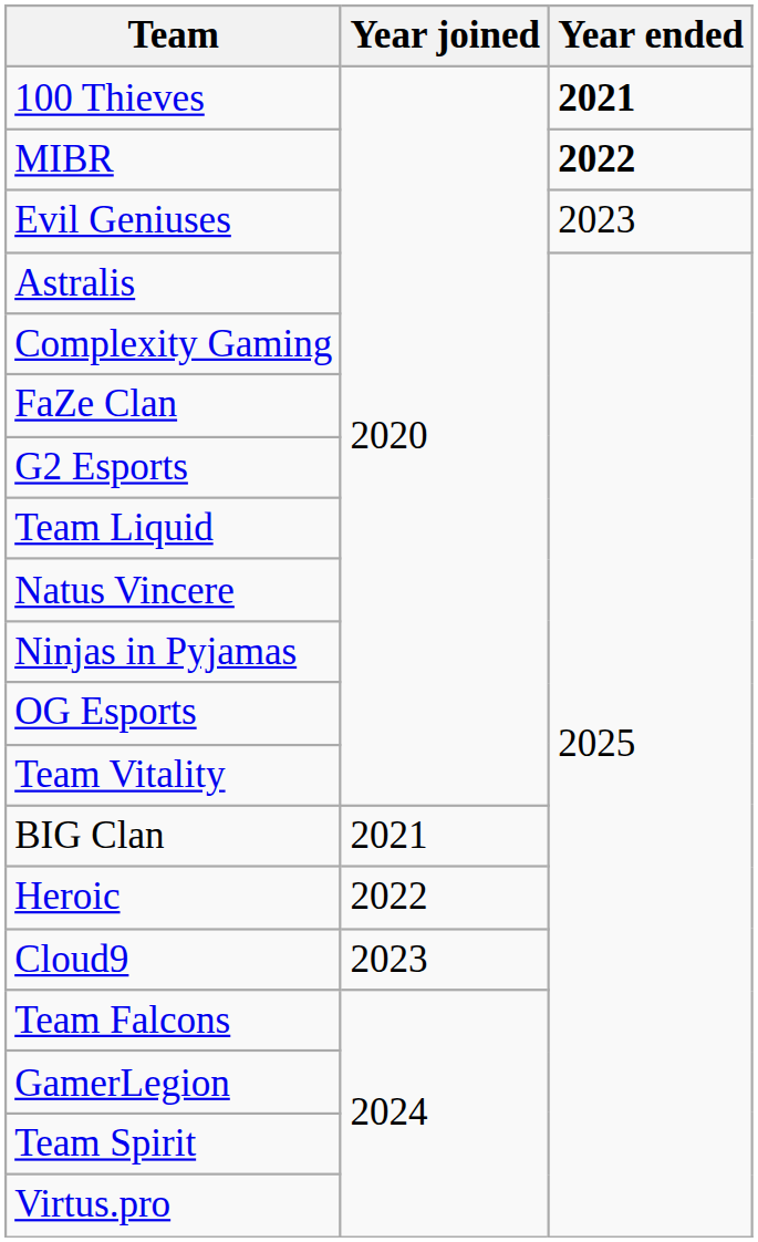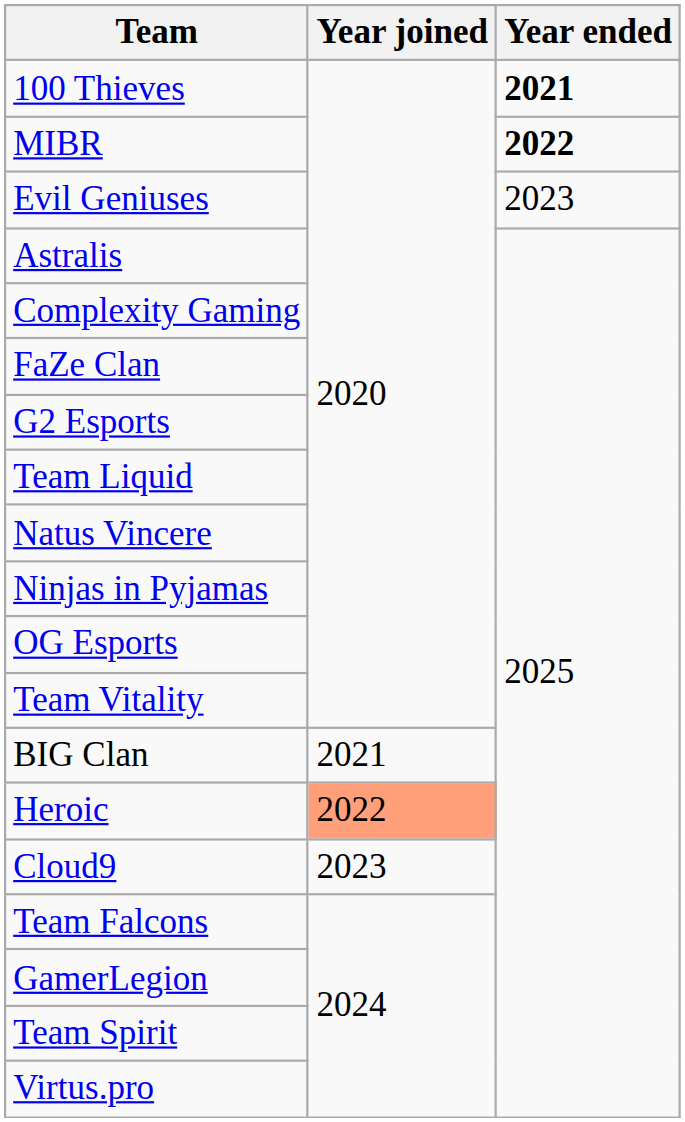 <table class="wikitable">
 <tr>
 <th>Team</th>
 <th>Year joined</th>
 <th>Year ended</th>
 </tr>
 <tr>
 <td><a href='#'>100 Thieves</a></td>
 <td rowspan="12">2020</td>
 <td><strong>2021</strong></td>
 </tr>
 <tr>
 <td><a href='#'>MIBR</a></td>
 <td><strong>2022</strong></td>
 </tr>
 <tr>
 <td><a href='#'>Evil Geniuses</a></td>
 <td>2023</td>
 </tr>
 <tr>
 <td><a href='#'>Astralis</a></td>
 <td rowspan="16">2025</td>
 </tr>
 <tr>
 <td><a href='#'>Complexity Gaming</a></td>
 </tr>
 <tr>
 <td><a href='#'>FaZe Clan</a></td>
 </tr>
 <tr>
 <td><a href='#'>G2 Esports</a></td>
 </tr>
 <tr>
 <td><a href='#'>Team Liquid</a></td>
 </tr>
 <tr>
 <td><a href='#'>Natus Vincere</a></td>
 </tr>
 <tr>
 <td><a href='#'>Ninjas in Pyjamas</a></td>
 </tr>
 <tr>
 <td><a href='#'>OG Esports</a></td>
 </tr>
 <tr>
 <td><a href='#'>Team Vitality</a></td>
 </tr>
 <tr>
 <td>BIG Clan</td>
 <td>2021</td>
 </tr>
 <tr>
 <td><a href='#'>Heroic</a></td>
-<td>2022</td>
+<td style="background: lightsalmon;">2022</td>
 </tr>
 <tr>
 <td><a href='#'>Cloud9</a></td>
 <td>2023</td>
 </tr>
 <tr>
 <td><a href='#'>Team Falcons</a></td>
 <td rowspan="4">2024</td>
 </tr>
 <tr>
 <td><a href='#'>GamerLegion</a></td>
 </tr>
 <tr>
 <td><a href='#'>Team Spirit</a></td>
 </tr>
 <tr>
 <td><a href='#'>Virtus.pro</a></td>
 </tr>
 </table>
